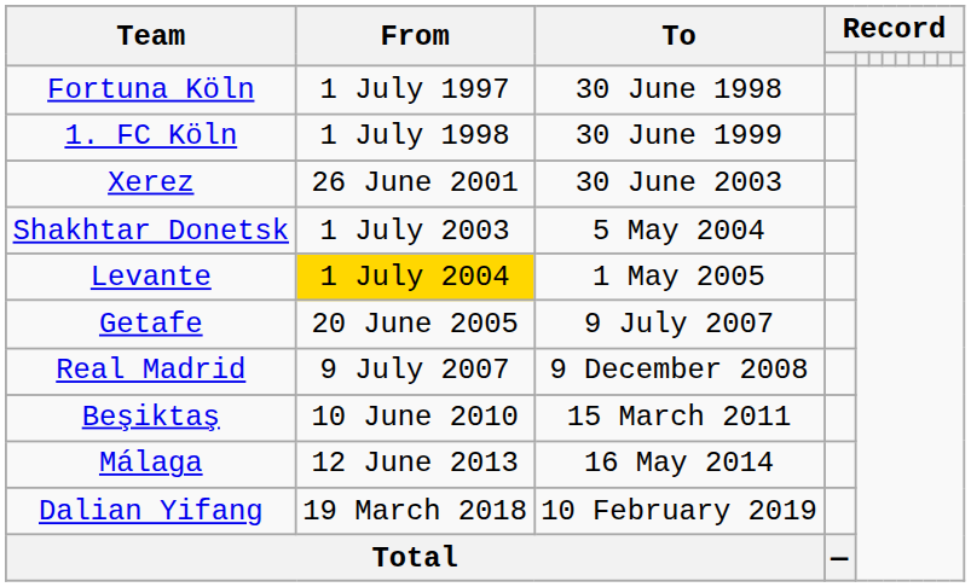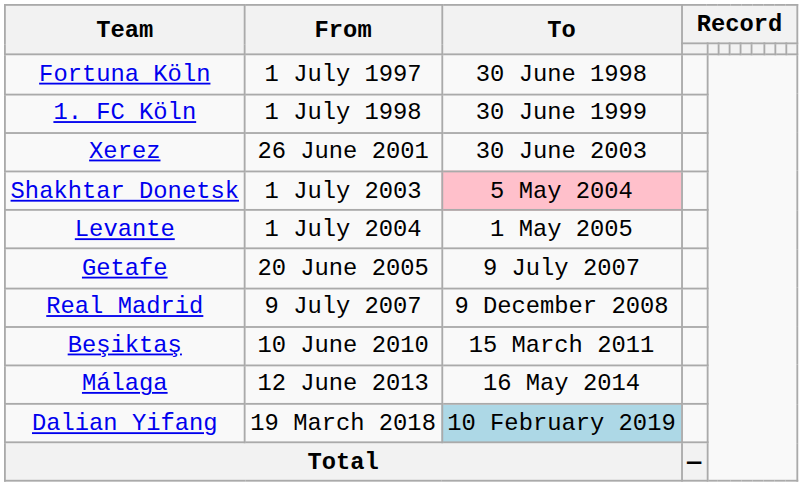 <table class="wikitable" style="text-align: center">
 <tr>
 <th rowspan=2>Team</th>
 <th rowspan=2>From</th>
 <th rowspan=2>To</th>
 <th colspan=9>Record</th>
 </tr>
 <tr>
 <th></th>
 <th></th>
 <th></th>
 <th></th>
 <th></th>
 <th></th>
 <th></th>
 <th></th>
 <th></th>
 </tr>
 <tr>
 <td><a href='#'>Fortuna Köln</a></td>
 <td>1 July 1997</td>
 <td>30 June 1998<br></td>
 <td></td>
 </tr>
 <tr>
 <td><a href='#'>1. FC Köln</a></td>
 <td>1 July 1998</td>
 <td>30 June 1999<br></td>
 <td></td>
 </tr>
 <tr>
 <td><a href='#'>Xerez</a></td>
 <td>26 June 2001</td>
 <td>30 June 2003<br></td>
 <td></td>
 </tr>
 <tr>
 <td><a href='#'>Shakhtar Donetsk</a></td>
 <td>1 July 2003</td>
-<td>5 May 2004<br></td>
+<td style="background: pink;">5 May 2004<br></td>
 <td></td>
 </tr>
 <tr>
 <td><a href='#'>Levante</a></td>
-<td style="background: gold;">1 July 2004</td>
+<td>1 July 2004</td>
 <td>1 May 2005<br></td>
 <td></td>
 </tr>
 <tr>
 <td><a href='#'>Getafe</a></td>
 <td>20 June 2005</td>
 <td>9 July 2007<br></td>
 <td></td>
 </tr>
 <tr>
 <td><a href='#'>Real Madrid</a></td>
 <td>9 July 2007</td>
 <td>9 December 2008<br></td>
 <td></td>
 </tr>
 <tr>
 <td><a href='#'>Beşiktaş</a></td>
 <td>10 June 2010</td>
 <td>15 March 2011<br></td>
 <td></td>
 </tr>
 <tr>
 <td><a href='#'>Málaga</a></td>
 <td>12 June 2013</td>
 <td>16 May 2014<br></td>
 <td></td>
 </tr>
 <tr>
 <td><a href='#'>Dalian Yifang</a></td>
 <td>19 March 2018</td>
-<td>10 February 2019<br></td>
+<td style="background: lightblue;">10 February 2019<br></td>
 <td></td>
 </tr>
 <tr>
 <th colspan="3">Total<br></th>
 <th>—</th>
 </tr>
 </table>
